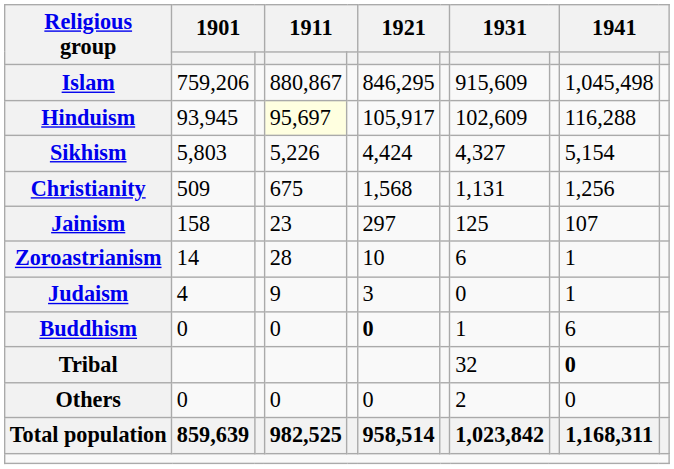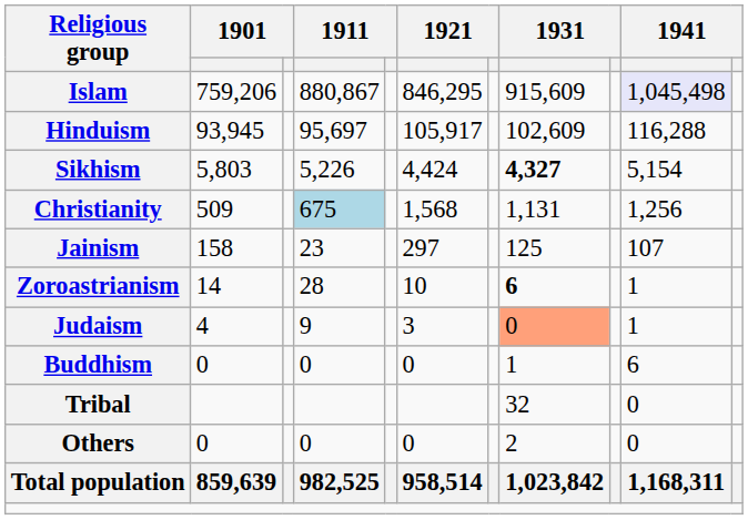 <table class="wikitable sortable">
 <tr>
 <th rowspan="2"><a href='#'>Religious</a><br>group</th>
 <th colspan="2">1901</th>
 <th colspan="2">1911</th>
 <th colspan="2">1921</th>
 <th colspan="2">1931</th>
 <th colspan="2">1941</th>
 </tr>
 <tr>
 <th><a href='#'></a></th>
 <th></th>
 <th></th>
 <th></th>
 <th></th>
 <th></th>
 <th></th>
 <th></th>
 <th></th>
 <th></th>
 </tr>
 <tr>
 <th><a href='#'>Islam</a> </th>
 <td>759,206</td>
 <td></td>
 <td>880,867</td>
 <td></td>
 <td>846,295</td>
 <td></td>
 <td>915,609</td>
 <td></td>
-<td>1,045,498</td>
+<td style="background: lavender;">1,045,498</td>
 <td></td>
 </tr>
 <tr>
 <th><a href='#'>Hinduism</a> </th>
 <td>93,945</td>
 <td></td>
-<td style="background: lightyellow;">95,697</td>
+<td>95,697</td>
 <td></td>
 <td>105,917</td>
 <td></td>
 <td>102,609</td>
 <td></td>
 <td>116,288</td>
 <td></td>
 </tr>
 <tr>
 <th><a href='#'>Sikhism</a> </th>
 <td>5,803</td>
 <td></td>
 <td>5,226</td>
 <td></td>
 <td>4,424</td>
 <td></td>
-<td>4,327</td>
+<td><strong>4,327</strong></td>
 <td></td>
 <td>5,154</td>
 <td></td>
 </tr>
 <tr>
 <th><a href='#'>Christianity</a> </th>
 <td>509</td>
 <td></td>
-<td>675</td>
+<td style="background: lightblue;">675</td>
 <td></td>
 <td>1,568</td>
 <td></td>
 <td>1,131</td>
 <td></td>
 <td>1,256</td>
 <td></td>
 </tr>
 <tr>
 <th><a href='#'>Jainism</a> </th>
 <td>158</td>
 <td></td>
 <td>23</td>
 <td></td>
 <td>297</td>
 <td></td>
 <td>125</td>
 <td></td>
 <td>107</td>
 <td></td>
 </tr>
 <tr>
 <th><a href='#'>Zoroastrianism</a> </th>
 <td>14</td>
 <td></td>
 <td>28</td>
 <td></td>
 <td>10</td>
 <td></td>
-<td>6</td>
+<td><strong>6</strong></td>
 <td></td>
 <td>1</td>
 <td></td>
 </tr>
 <tr>
 <th><a href='#'>Judaism</a> </th>
 <td>4</td>
 <td></td>
 <td>9</td>
 <td></td>
 <td>3</td>
 <td></td>
-<td>0</td>
+<td style="background: lightsalmon;">0</td>
 <td></td>
 <td>1</td>
 <td></td>
 </tr>
 <tr>
 <th><a href='#'>Buddhism</a> </th>
 <td>0</td>
 <td></td>
 <td>0</td>
 <td></td>
-<td><strong>0</strong></td>
+<td>0</td>
 <td></td>
 <td>1</td>
 <td></td>
 <td>6</td>
 <td></td>
 </tr>
 <tr>
 <th>Tribal</th>
 <td></td>
 <td></td>
 <td></td>
 <td></td>
 <td></td>
 <td></td>
 <td>32</td>
 <td></td>
-<td><strong>0</strong></td>
+<td>0</td>
 <td></td>
 </tr>
 <tr>
 <th>Others</th>
 <td>0</td>
 <td></td>
 <td>0</td>
 <td></td>
 <td>0</td>
 <td></td>
 <td>2</td>
 <td></td>
 <td>0</td>
 <td></td>
 </tr>
 <tr>
 <th>Total population</th>
 <th>859,639</th>
 <th></th>
 <th>982,525</th>
 <th></th>
 <th>958,514</th>
 <th></th>
 <th>1,023,842</th>
 <th></th>
 <th>1,168,311</th>
 <th></th>
 </tr>
 <tr class="sortbottom">
 <td colspan="11"></td>
 </tr>
 </table>
